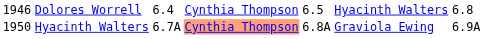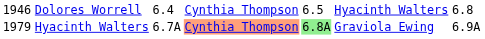 <table>
 <tr>
 <td>1946</td>
 <td><a href='#'>Dolores Worrell</a><br> </td>
 <td>6.4</td>
 <td><a href='#'>Cynthia Thompson</a><br> </td>
 <td>6.5</td>
 <td><a href='#'>Hyacinth Walters</a><br> </td>
 <td>6.8</td>
 </tr>
 <tr>
-<td>1950</td>
+<td>1979</td>
 <td><a href='#'>Hyacinth Walters</a><br> </td>
 <td>6.7A</td>
 <td style="background: lightsalmon;"><a href='#'>Cynthia Thompson</a><br> </td>
-<td>6.8A</td>
+<td style="background: lightgreen;">6.8A</td>
 <td><a href='#'>Graviola Ewing</a><br> </td>
 <td>6.9A</td>
 </tr>
 </table>
